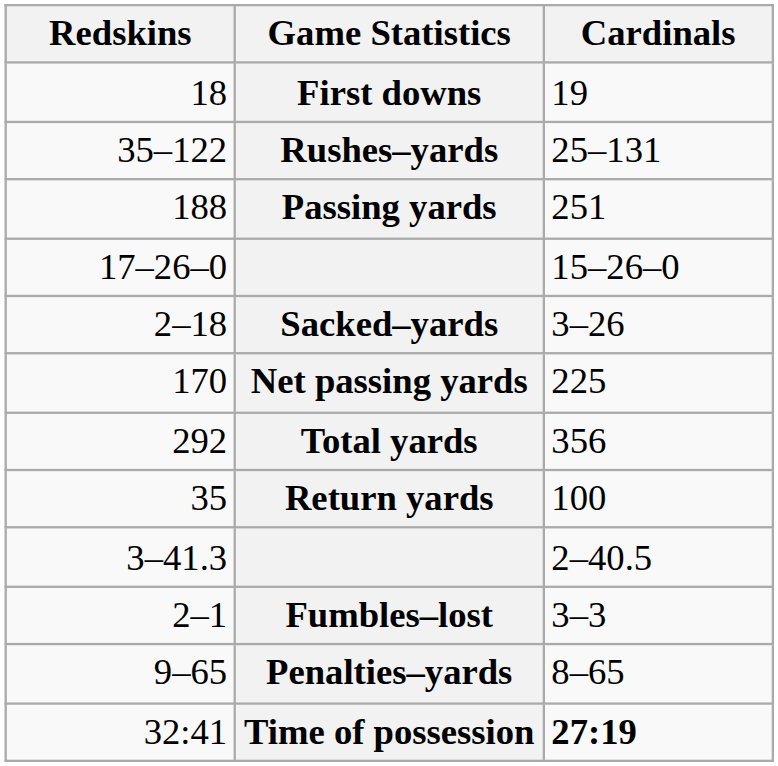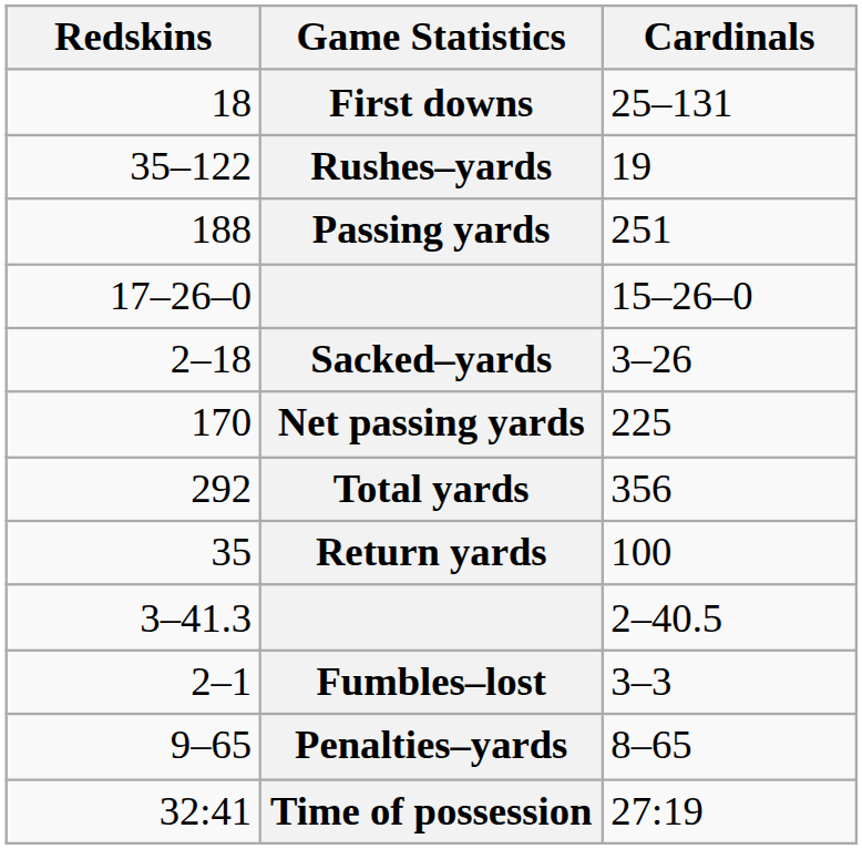 <table class="wikitable" style="margin: 1em auto 1em auto">
 <tr>
 <th style="width:30%;">Redskins</th>
 <th style="width:40%;">Game Statistics</th>
 <th style="width:30%;">Cardinals</th>
 </tr>
 <tr>
 <td style="text-align:right;">18</td>
 <th>First downs</th>
-<td>19</td>
+<td>25–131</td>
 </tr>
 <tr>
 <td style="text-align:right;">35–122</td>
 <th>Rushes–yards</th>
-<td>25–131</td>
+<td>19</td>
 </tr>
 <tr>
 <td style="text-align:right;">188</td>
 <th>Passing yards</th>
 <td>251</td>
 </tr>
 <tr>
 <td style="text-align:right;">17–26–0</td>
 <th></th>
 <td>15–26–0</td>
 </tr>
 <tr>
 <td style="text-align:right;">2–18</td>
 <th>Sacked–yards</th>
 <td>3–26</td>
 </tr>
 <tr>
 <td style="text-align:right;">170</td>
 <th>Net passing yards</th>
 <td>225</td>
 </tr>
 <tr>
 <td style="text-align:right;">292</td>
 <th>Total yards</th>
 <td>356</td>
 </tr>
 <tr>
 <td style="text-align:right;">35</td>
 <th>Return yards</th>
 <td>100</td>
 </tr>
 <tr>
 <td style="text-align:right;">3–41.3</td>
 <th></th>
 <td>2–40.5</td>
 </tr>
 <tr>
 <td style="text-align:right;">2–1</td>
 <th>Fumbles–lost</th>
 <td>3–3</td>
 </tr>
 <tr>
 <td style="text-align:right;">9–65</td>
 <th>Penalties–yards</th>
 <td>8–65</td>
 </tr>
 <tr>
 <td style="text-align:right;">32:41</td>
 <th>Time of possession</th>
-<td><strong>27:19</strong></td>
+<td>27:19</td>
 </tr>
 </table>
